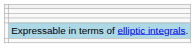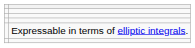 <table class="wikitable">
 <tr>
 <th></th>
 <th></th>
 </tr>
 <tr>
 <td></td>
 <td></td>
 </tr>
 <tr>
 <td></td>
 <td></td>
 </tr>
 <tr>
 <td></td>
 <td></td>
 </tr>
 <tr>
 <td></td>
-<td style="background: lightblue;">Expressable in terms of <a href='#'>elliptic integrals</a>.</td>
+<td>Expressable in terms of <a href='#'>elliptic integrals</a>.</td>
 </tr>
 <tr>
 <td></td>
 <td></td>
 </tr>
 </table>
